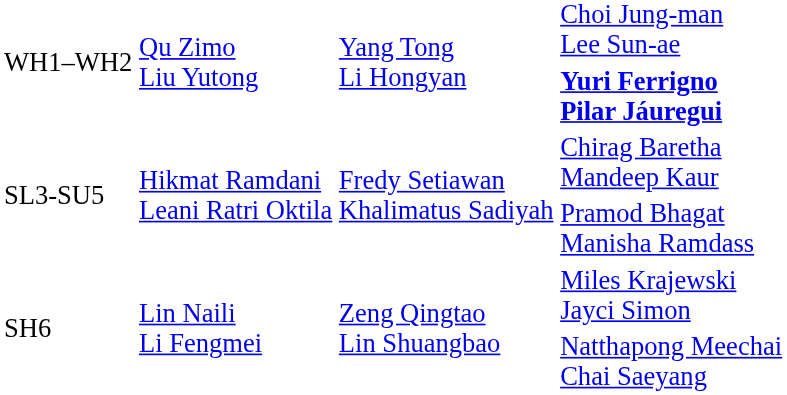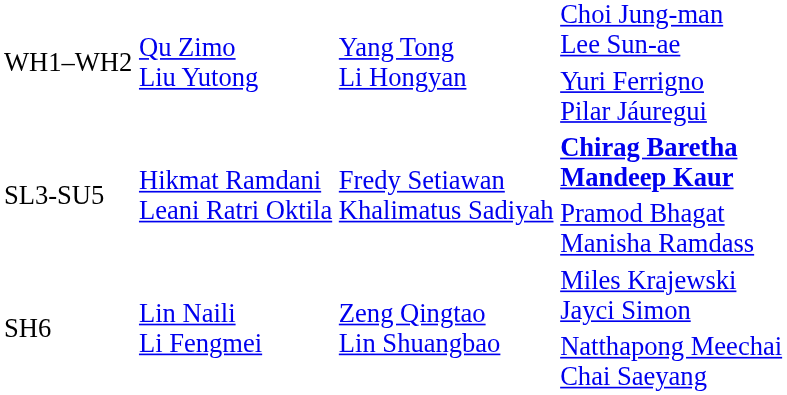 <table>
 <tr>
 <td rowspan="2">WH1–WH2</td>
 <td rowspan="2"> <a href='#'>Qu Zimo</a><br> <a href='#'>Liu Yutong</a></td>
 <td rowspan="2"> <a href='#'>Yang Tong</a><br> <a href='#'>Li Hongyan</a></td>
 <td> <a href='#'>Choi Jung-man</a> <br> <a href='#'>Lee Sun-ae</a></td>
 </tr>
 <tr>
-<td><strong> <a href='#'>Yuri Ferrigno</a> <br> <a href='#'>Pilar Jáuregui</a></strong></td>
+<td> <a href='#'>Yuri Ferrigno</a> <br> <a href='#'>Pilar Jáuregui</a></td>
 </tr>
 <tr>
 <td rowspan="2">SL3-SU5</td>
 <td rowspan="2"> <a href='#'>Hikmat Ramdani</a><br> <a href='#'>Leani Ratri Oktila</a></td>
 <td rowspan="2"> <a href='#'>Fredy Setiawan</a><br> <a href='#'>Khalimatus Sadiyah</a></td>
-<td> <a href='#'>Chirag Baretha</a> <br> <a href='#'>Mandeep Kaur</a></td>
+<td><strong> <a href='#'>Chirag Baretha</a> <br> <a href='#'>Mandeep Kaur</a></strong></td>
 </tr>
 <tr>
 <td> <a href='#'>Pramod Bhagat</a> <br> <a href='#'>Manisha Ramdass</a></td>
 </tr>
 <tr>
 <td rowspan="2">SH6</td>
 <td rowspan="2"> <a href='#'>Lin Naili</a><br> <a href='#'>Li Fengmei</a></td>
 <td rowspan="2"> <a href='#'>Zeng Qingtao</a><br> <a href='#'>Lin Shuangbao</a></td>
 <td> <a href='#'>Miles Krajewski</a> <br> <a href='#'>Jayci Simon</a></td>
 </tr>
 <tr>
 <td> <a href='#'>Natthapong Meechai</a> <br> <a href='#'>Chai Saeyang</a></td>
 </tr>
 </table>
